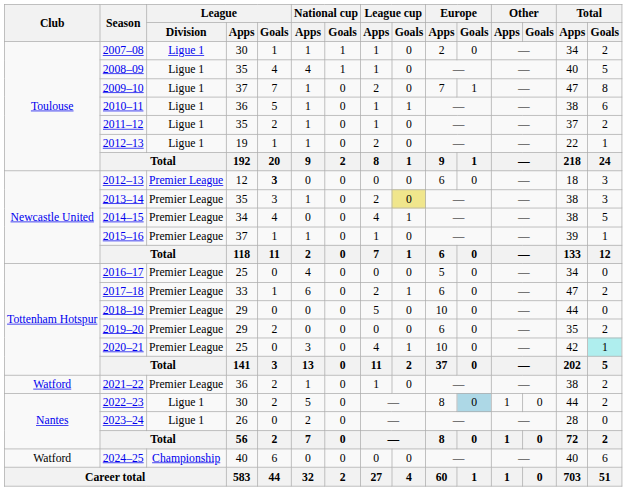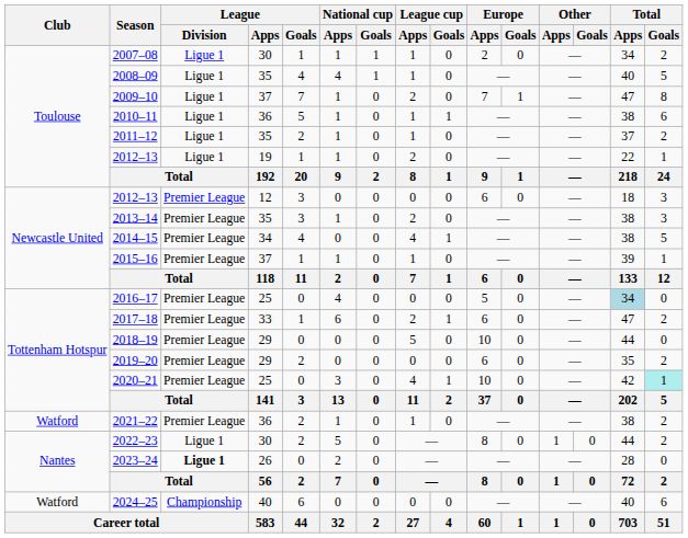 <table class="wikitable" style="text-align:center">
 <tr>
 <th rowspan="2">Club</th>
 <th rowspan="2">Season</th>
 <th colspan="3">League</th>
 <th colspan="2">National cup</th>
 <th colspan="2">League cup</th>
 <th colspan="2">Europe</th>
 <th colspan="2">Other</th>
 <th colspan="2">Total</th>
 </tr>
 <tr>
 <th>Division</th>
 <th>Apps</th>
 <th>Goals</th>
 <th>Apps</th>
 <th>Goals</th>
 <th>Apps</th>
 <th>Goals</th>
 <th>Apps</th>
 <th>Goals</th>
 <th>Apps</th>
 <th>Goals</th>
 <th>Apps</th>
 <th>Goals</th>
 </tr>
 <tr>
 <td rowspan="7"><a href='#'>Toulouse</a></td>
 <td><a href='#'>2007–08</a></td>
 <td><a href='#'>Ligue 1</a></td>
 <td>30</td>
 <td>1</td>
 <td>1</td>
 <td>1</td>
 <td>1</td>
 <td>0</td>
 <td>2</td>
 <td>0</td>
 <td colspan="2">—</td>
 <td>34</td>
 <td>2</td>
 </tr>
 <tr>
 <td><a href='#'>2008–09</a></td>
 <td>Ligue 1</td>
 <td>35</td>
 <td>4</td>
 <td>4</td>
 <td>1</td>
 <td>1</td>
 <td>0</td>
 <td colspan="2">—</td>
 <td colspan="2">—</td>
 <td>40</td>
 <td>5</td>
 </tr>
 <tr>
 <td><a href='#'>2009–10</a></td>
 <td>Ligue 1</td>
 <td>37</td>
 <td>7</td>
 <td>1</td>
 <td>0</td>
 <td>2</td>
 <td>0</td>
 <td>7</td>
 <td>1</td>
 <td colspan="2">—</td>
 <td>47</td>
 <td>8</td>
 </tr>
 <tr>
 <td><a href='#'>2010–11</a></td>
 <td>Ligue 1</td>
 <td>36</td>
 <td>5</td>
 <td>1</td>
 <td>0</td>
 <td>1</td>
 <td>1</td>
 <td colspan="2">—</td>
 <td colspan="2">—</td>
 <td>38</td>
 <td>6</td>
 </tr>
 <tr>
 <td><a href='#'>2011–12</a></td>
 <td>Ligue 1</td>
 <td>35</td>
 <td>2</td>
 <td>1</td>
 <td>0</td>
 <td>1</td>
 <td>0</td>
 <td colspan="2">—</td>
 <td colspan="2">—</td>
 <td>37</td>
 <td>2</td>
 </tr>
 <tr>
 <td><a href='#'>2012–13</a></td>
 <td>Ligue 1</td>
 <td>19</td>
 <td>1</td>
 <td>1</td>
 <td>0</td>
 <td>2</td>
 <td>0</td>
 <td colspan="2">—</td>
 <td colspan="2">—</td>
 <td>22</td>
 <td>1</td>
 </tr>
 <tr>
 <th colspan="2">Total</th>
 <th>192</th>
 <th>20</th>
 <th>9</th>
 <th>2</th>
 <th>8</th>
 <th>1</th>
 <th>9</th>
 <th>1</th>
 <th colspan="2">—</th>
 <th>218</th>
 <th>24</th>
 </tr>
 <tr>
 <td rowspan="5"><a href='#'>Newcastle United</a></td>
 <td><a href='#'>2012–13</a></td>
 <td><a href='#'>Premier League</a></td>
 <td>12</td>
-<td><strong>3</strong></td>
+<td>3</td>
 <td>0</td>
 <td>0</td>
 <td>0</td>
 <td>0</td>
 <td>6</td>
 <td>0</td>
 <td colspan="2">—</td>
 <td>18</td>
 <td>3</td>
 </tr>
 <tr>
 <td><a href='#'>2013–14</a></td>
 <td>Premier League</td>
 <td>35</td>
 <td>3</td>
 <td>1</td>
 <td>0</td>
 <td>2</td>
-<td style="background: khaki;">0</td>
+<td>0</td>
 <td colspan="2">—</td>
 <td colspan="2">—</td>
 <td>38</td>
 <td>3</td>
 </tr>
 <tr>
 <td><a href='#'>2014–15</a></td>
 <td>Premier League</td>
 <td>34</td>
 <td>4</td>
 <td>0</td>
 <td>0</td>
 <td>4</td>
 <td>1</td>
 <td colspan="2">—</td>
 <td colspan="2">—</td>
 <td>38</td>
 <td>5</td>
 </tr>
 <tr>
 <td><a href='#'>2015–16</a></td>
 <td>Premier League</td>
 <td>37</td>
 <td>1</td>
 <td>1</td>
 <td>0</td>
 <td>1</td>
 <td>0</td>
 <td colspan="2">—</td>
 <td colspan="2">—</td>
 <td>39</td>
 <td>1</td>
 </tr>
 <tr>
 <th colspan="2">Total</th>
 <th>118</th>
 <th>11</th>
 <th>2</th>
 <th>0</th>
 <th>7</th>
 <th>1</th>
 <th>6</th>
 <th>0</th>
 <th colspan="2">—</th>
 <th>133</th>
 <th>12</th>
 </tr>
 <tr>
 <td rowspan="6"><a href='#'>Tottenham Hotspur</a></td>
 <td><a href='#'>2016–17</a></td>
 <td>Premier League</td>
 <td>25</td>
 <td>0</td>
 <td>4</td>
 <td>0</td>
 <td>0</td>
 <td>0</td>
 <td>5</td>
 <td>0</td>
 <td colspan="2">—</td>
-<td>34</td>
+<td style="background: lightblue;">34</td>
 <td>0</td>
 </tr>
 <tr>
 <td><a href='#'>2017–18</a></td>
 <td>Premier League</td>
 <td>33</td>
 <td>1</td>
 <td>6</td>
 <td>0</td>
 <td>2</td>
 <td>1</td>
 <td>6</td>
 <td>0</td>
 <td colspan="2">—</td>
 <td>47</td>
 <td>2</td>
 </tr>
 <tr>
 <td><a href='#'>2018–19</a></td>
 <td>Premier League</td>
 <td>29</td>
 <td>0</td>
 <td>0</td>
 <td>0</td>
 <td>5</td>
 <td>0</td>
 <td>10</td>
 <td>0</td>
 <td colspan="2">—</td>
 <td>44</td>
 <td>0</td>
 </tr>
 <tr>
 <td><a href='#'>2019–20</a></td>
 <td>Premier League</td>
 <td>29</td>
 <td>2</td>
 <td>0</td>
 <td>0</td>
 <td>0</td>
 <td>0</td>
 <td>6</td>
 <td>0</td>
 <td colspan="2">—</td>
 <td>35</td>
 <td>2</td>
 </tr>
 <tr>
 <td><a href='#'>2020–21</a></td>
 <td>Premier League</td>
 <td>25</td>
 <td>0</td>
 <td>3</td>
 <td>0</td>
 <td>4</td>
 <td>1</td>
 <td>10</td>
 <td>0</td>
 <td colspan="2">—</td>
 <td>42</td>
 <td style="background: paleturquoise;">1</td>
 </tr>
 <tr>
 <th colspan="2">Total</th>
 <th>141</th>
 <th>3</th>
 <th>13</th>
 <th>0</th>
 <th>11</th>
 <th>2</th>
 <th>37</th>
 <th>0</th>
 <th colspan="2">—</th>
 <th>202</th>
 <th>5</th>
 </tr>
 <tr>
 <td><a href='#'>Watford</a></td>
 <td><a href='#'>2021–22</a></td>
 <td>Premier League</td>
 <td>36</td>
 <td>2</td>
 <td>1</td>
 <td>0</td>
 <td>1</td>
 <td>0</td>
 <td colspan="2">—</td>
 <td colspan="2">—</td>
 <td>38</td>
 <td>2</td>
 </tr>
 <tr>
 <td rowspan="3"><a href='#'>Nantes</a></td>
 <td><a href='#'>2022–23</a></td>
 <td>Ligue 1</td>
 <td>30</td>
 <td>2</td>
 <td>5</td>
 <td>0</td>
 <td colspan="2">—</td>
 <td>8</td>
-<td style="background: lightblue;">0</td>
+<td>0</td>
 <td>1</td>
 <td>0</td>
 <td>44</td>
 <td>2</td>
 </tr>
 <tr>
 <td><a href='#'>2023–24</a></td>
-<td>Ligue 1</td>
+<td><strong>Ligue 1</strong></td>
 <td>26</td>
 <td>0</td>
 <td>2</td>
 <td>0</td>
 <td colspan="2">—</td>
 <td colspan="2">—</td>
 <td colspan="2">—</td>
 <td>28</td>
 <td>0</td>
 </tr>
 <tr>
 <th colspan="2">Total</th>
 <th>56</th>
 <th>2</th>
 <th>7</th>
 <th>0</th>
 <th colspan="2">—</th>
 <th>8</th>
 <th>0</th>
 <th>1</th>
 <th>0</th>
 <th>72</th>
 <th>2</th>
 </tr>
 <tr>
 <td>Watford</td>
 <td><a href='#'>2024–25</a></td>
 <td><a href='#'>Championship</a></td>
 <td>40</td>
 <td>6</td>
 <td>0</td>
 <td>0</td>
 <td>0</td>
 <td>0</td>
 <td colspan="2">—</td>
 <td colspan="2">—</td>
 <td>40</td>
 <td>6</td>
 </tr>
 <tr>
 <th colspan="3">Career total</th>
 <th>583</th>
 <th>44</th>
 <th>32</th>
 <th>2</th>
 <th>27</th>
 <th>4</th>
 <th>60</th>
 <th>1</th>
 <th>1</th>
 <th>0</th>
 <th>703</th>
 <th>51</th>
 </tr>
 </table>
